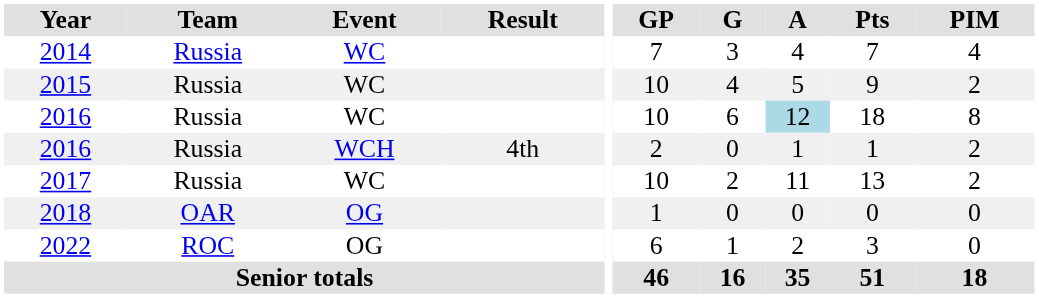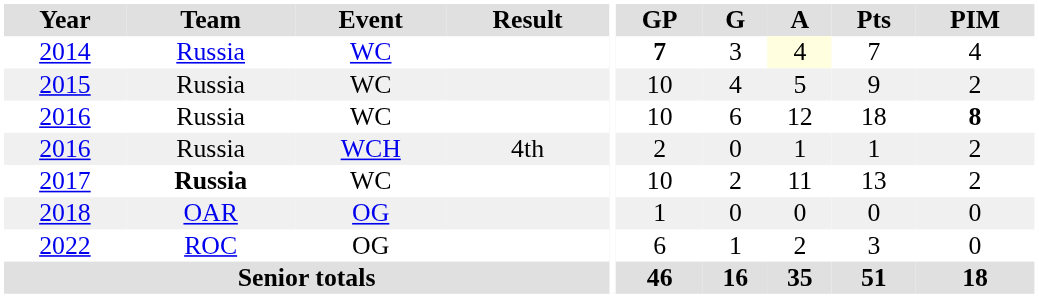 <table border="0" cellpadding="1" cellspacing="0" ID="Table3" style="text-align:center; width:40em">
 <tr ALIGN="center" bgcolor="#e0e0e0">
 <th>Year</th>
 <th>Team</th>
 <th>Event</th>
 <th>Result</th>
 <th rowspan="99" bgcolor="#ffffff"></th>
 <th>GP</th>
 <th>G</th>
 <th>A</th>
 <th>Pts</th>
 <th>PIM</th>
 </tr>
 <tr>
 <td><a href='#'>2014</a></td>
 <td><a href='#'>Russia</a></td>
 <td><a href='#'>WC</a></td>
 <td></td>
-<td>7</td>
+<td><strong>7</strong></td>
 <td>3</td>
-<td>4</td>
+<td style="background: lightyellow;">4</td>
 <td>7</td>
 <td>4</td>
 </tr>
 <tr bgcolor="#f0f0f0">
 <td><a href='#'>2015</a></td>
 <td>Russia</td>
 <td>WC</td>
 <td></td>
 <td>10</td>
 <td>4</td>
 <td>5</td>
 <td>9</td>
 <td>2</td>
 </tr>
 <tr>
 <td><a href='#'>2016</a></td>
 <td>Russia</td>
 <td>WC</td>
 <td></td>
 <td>10</td>
 <td>6</td>
-<td style="background: lightblue;">12</td>
+<td>12</td>
 <td>18</td>
-<td>8</td>
+<td><strong>8</strong></td>
 </tr>
 <tr bgcolor="#f0f0f0">
 <td><a href='#'>2016</a></td>
 <td>Russia</td>
 <td><a href='#'>WCH</a></td>
 <td>4th</td>
 <td>2</td>
 <td>0</td>
 <td>1</td>
 <td>1</td>
 <td>2</td>
 </tr>
 <tr>
 <td><a href='#'>2017</a></td>
-<td>Russia</td>
+<td><strong>Russia</strong></td>
 <td>WC</td>
 <td></td>
 <td>10</td>
 <td>2</td>
 <td>11</td>
 <td>13</td>
 <td>2</td>
 </tr>
 <tr bgcolor="#f0f0f0">
 <td><a href='#'>2018</a></td>
 <td><a href='#'>OAR</a></td>
 <td><a href='#'>OG</a></td>
 <td></td>
 <td>1</td>
 <td>0</td>
 <td>0</td>
 <td>0</td>
 <td>0</td>
 </tr>
 <tr>
 <td><a href='#'>2022</a></td>
 <td><a href='#'>ROC</a></td>
 <td>OG</td>
 <td></td>
 <td>6</td>
 <td>1</td>
 <td>2</td>
 <td>3</td>
 <td>0</td>
 </tr>
 <tr bgcolor="#e0e0e0">
 <th colspan="4">Senior totals</th>
 <th>46</th>
 <th>16</th>
 <th>35</th>
 <th>51</th>
 <th>18</th>
 </tr>
 </table>
